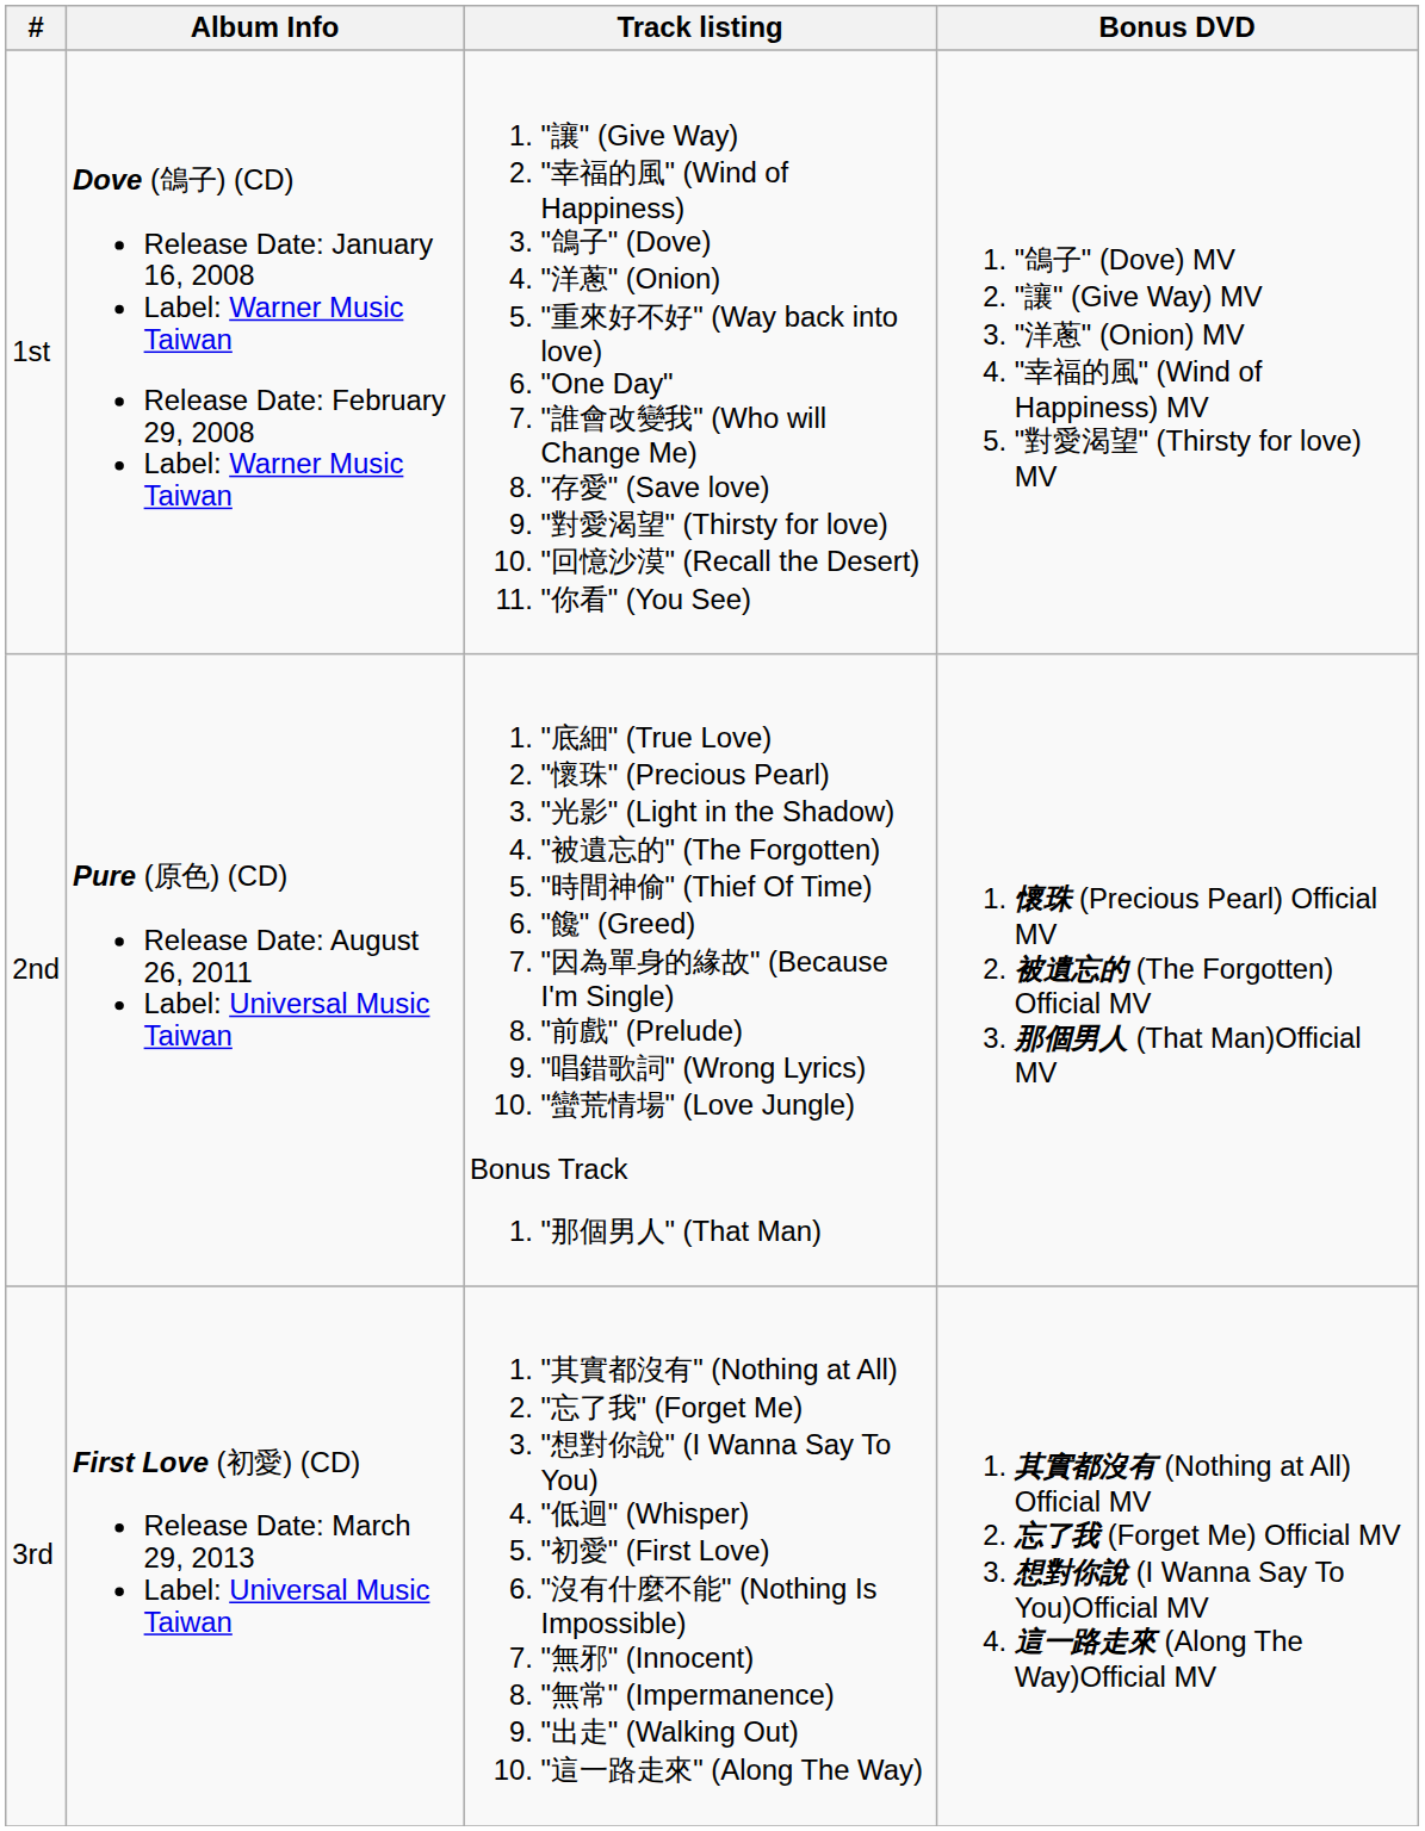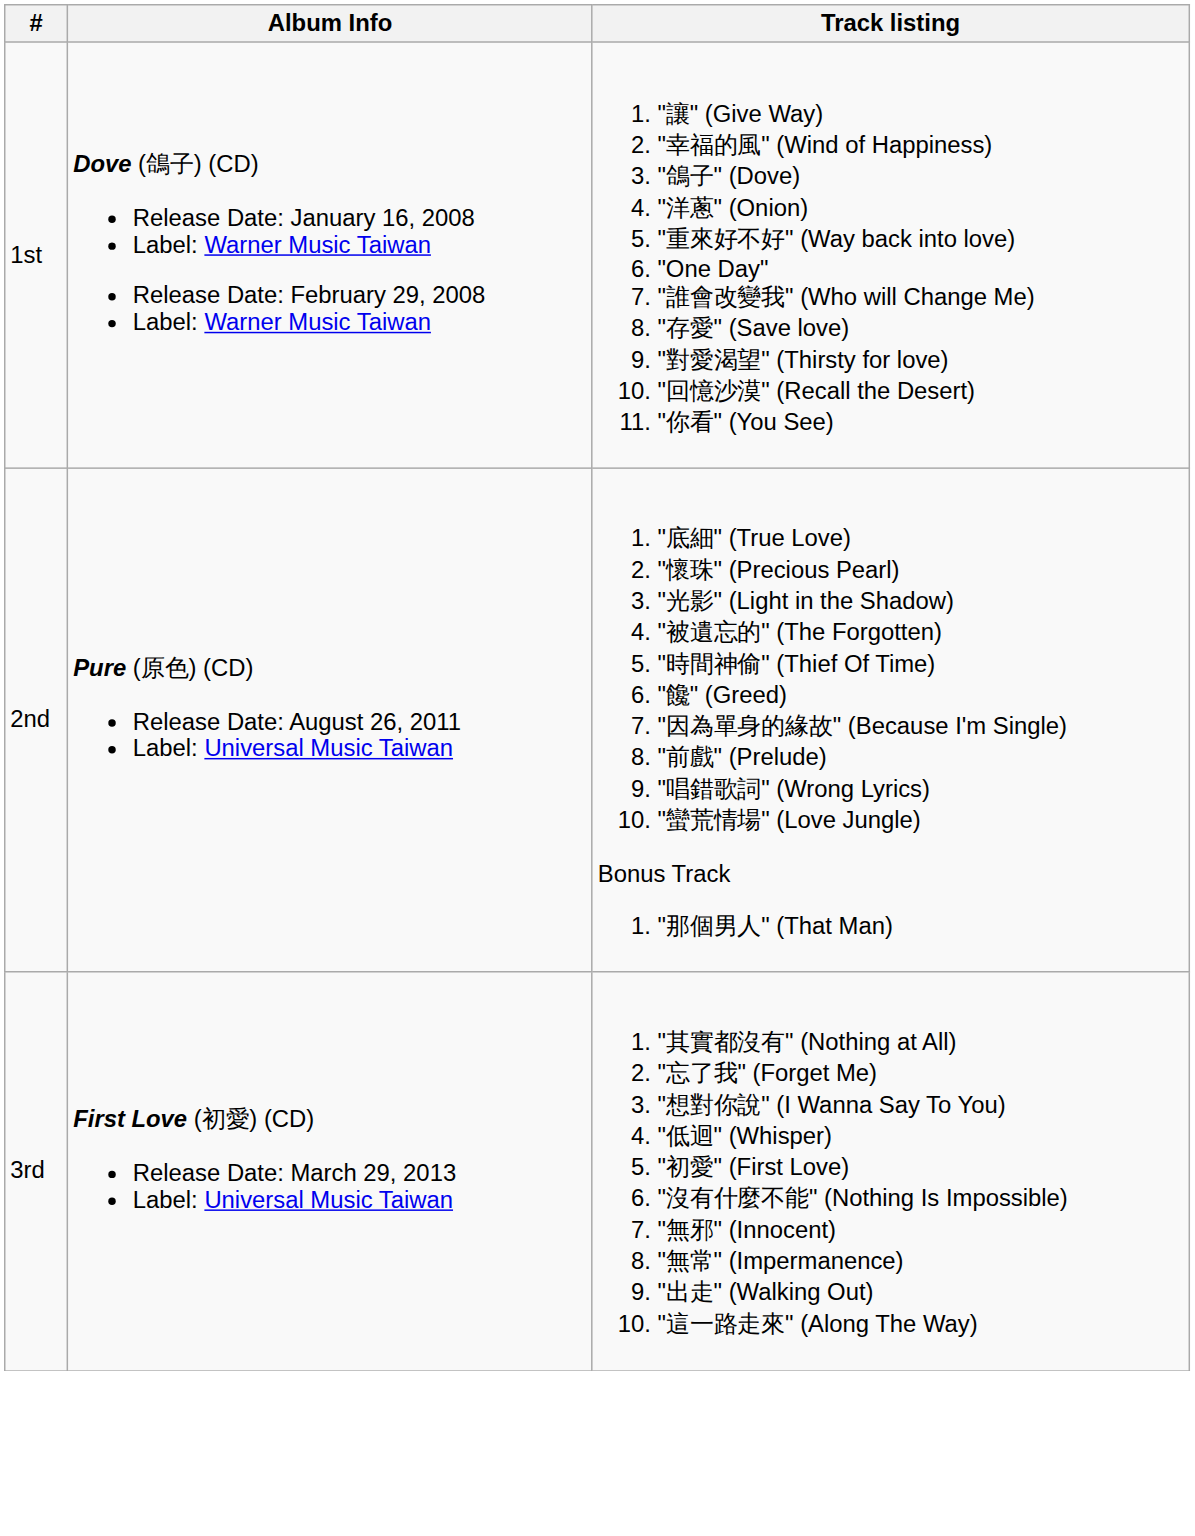 <table class="wikitable" border="1" width="90%">
 <tr>
 <th>#</th>
 <th>Album Info</th>
 <th>Track listing</th>
-<th>Bonus DVD</th>
 </tr>
 <tr>
 <td>1st</td>
 <td><strong><em>Dove</em></strong> (鴿子) (CD)<br><ul><li>Release Date: January 16, 2008</li><li>Label: <a href='#'>Warner Music Taiwan</a></li></ul><ul><li>Release Date: February 29, 2008</li><li>Label: <a href='#'>Warner Music Taiwan</a></li></ul></td>
 <td><br><ol><li>"讓" (Give Way)</li><li>"幸福的風" (Wind of Happiness)</li><li>"鴿子" (Dove)</li><li>"洋蔥" (Onion)</li><li>"重來好不好" (Way back into love)</li><li>"One Day"</li><li>"誰會改變我" (Who will Change Me)</li><li>"存愛" (Save love)</li><li>"對愛渴望" (Thirsty for love)</li><li>"回憶沙漠" (Recall the Desert)</li><li>"你看" (You See)</li></ol></td>
-<td><br><ol><li>"鴿子" (Dove) MV</li><li>"讓" (Give Way) MV</li><li>"洋蔥" (Onion) MV</li><li>"幸福的風" (Wind of Happiness) MV</li><li>"對愛渴望" (Thirsty for love) MV</li></ol></td>
 </tr>
 <tr>
 <td>2nd</td>
 <td><strong><em>Pure</em></strong> (原色) (CD)<br><ul><li>Release Date: August 26, 2011</li><li>Label: <a href='#'>Universal Music Taiwan</a></li></ul></td>
 <td><br><ol><li>"底細"  (True Love)</li><li>"懷珠"  (Precious Pearl)</li><li>"光影"  (Light in the Shadow)</li><li>"被遺忘的"  (The Forgotten)</li><li>"時間神偷"   (Thief Of Time)</li><li>"饞"     (Greed)</li><li>"因為單身的緣故"  (Because I'm Single)</li><li>"前戲"    (Prelude)</li><li>"唱錯歌詞"  (Wrong Lyrics)</li><li>"蠻荒情場"  (Love Jungle)</li></ol>Bonus Track<ol><li>"那個男人"   (That Man)</li></ol></td>
-<td><br><ol><li><strong><em>懷珠</em></strong> (Precious Pearl) Official MV</li><li><strong><em>被遺忘的</em></strong> (The Forgotten) Official MV</li><li><strong><em>那個男人</em></strong> (That Man)Official MV</li></ol></td>
 </tr>
 <tr>
 <td>3rd</td>
 <td><strong><em>First Love</em></strong> (初愛) (CD)<br><ul><li>Release Date: March 29, 2013</li><li>Label: <a href='#'>Universal Music Taiwan</a></li></ul></td>
 <td><br><ol><li>"其實都沒有"  (Nothing at All)</li><li>"忘了我"  (Forget Me)</li><li>"想對你說"  (I Wanna Say To You)</li><li>"低迴"  (Whisper)</li><li>"初愛"   (First Love)</li><li>"沒有什麼不能"     (Nothing Is Impossible)</li><li>"無邪"  (Innocent)</li><li>"無常"    (Impermanence)</li><li>"出走"  (Walking Out)</li><li>"這一路走來"  (Along The Way)</li></ol></td>
-<td><br><ol><li><strong><em>其實都沒有</em></strong> (Nothing at All) Official MV</li><li><strong><em>忘了我</em></strong> (Forget Me) Official MV</li><li><strong><em>想對你說</em></strong> (I Wanna Say To You)Official MV</li><li><strong><em>這一路走來</em></strong> (Along The Way)Official MV</li></ol></td>
 </tr>
 </table>
